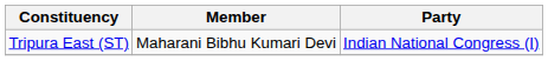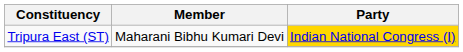 <table class="wikitable sortable">
 <tr>
 <th>Constituency</th>
 <th>Member</th>
 <th>Party</th>
 </tr>
 <tr>
 <td><a href='#'>Tripura East (ST)</a></td>
 <td>Maharani Bibhu Kumari Devi</td>
-<td><a href='#'>Indian National Congress (I)</a></td>
+<td style="background: gold;"><a href='#'>Indian National Congress (I)</a></td>
 </tr>
 <tr>
 </tr>
 </table>
